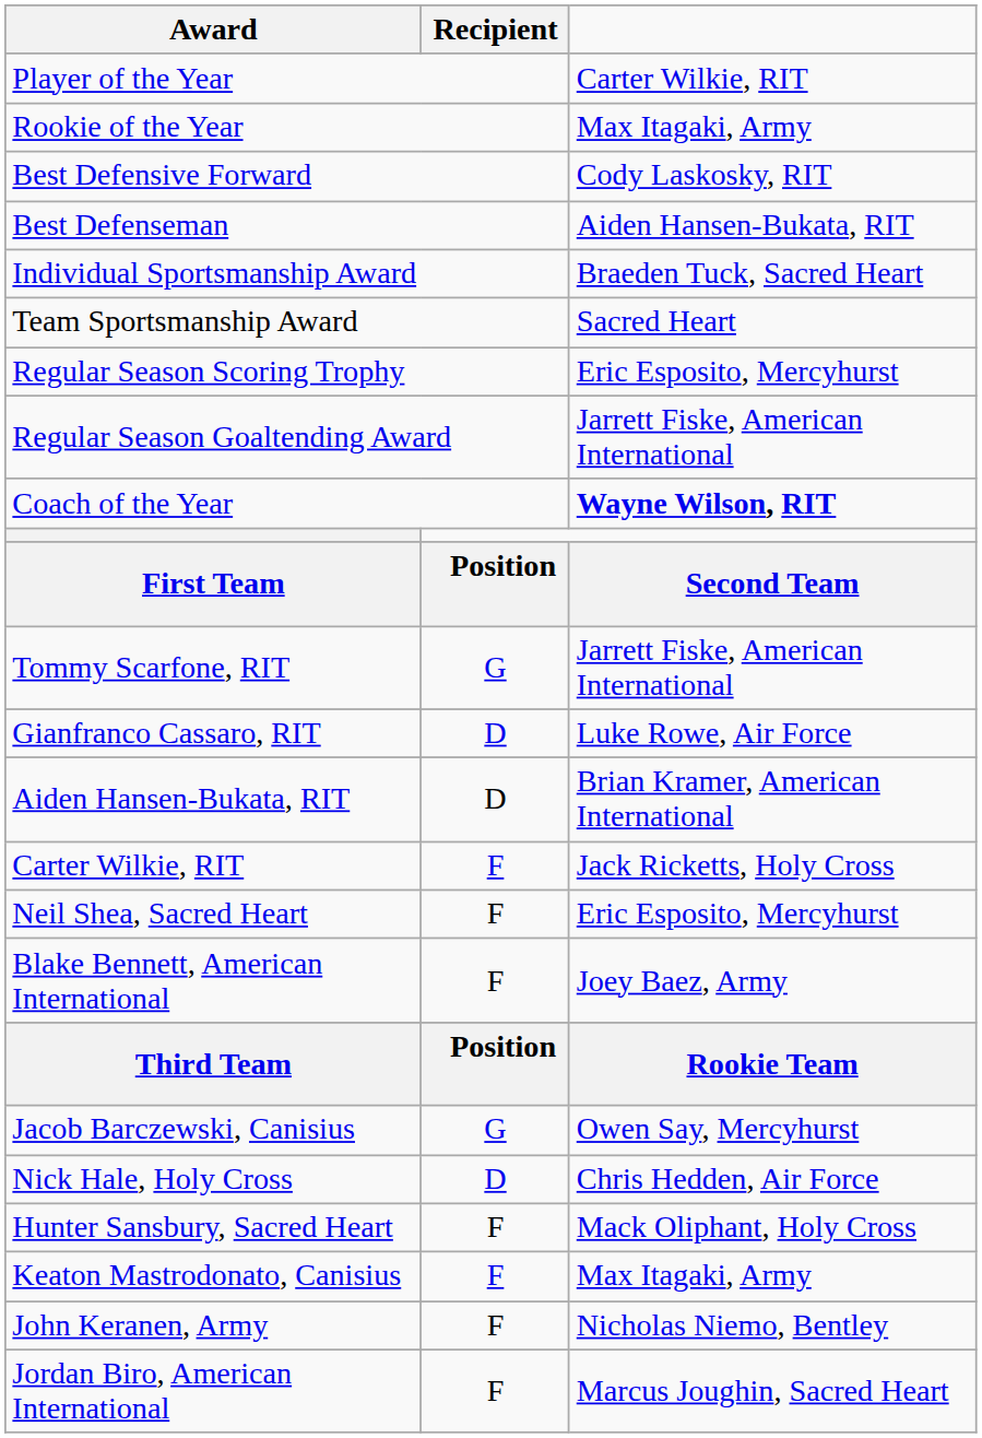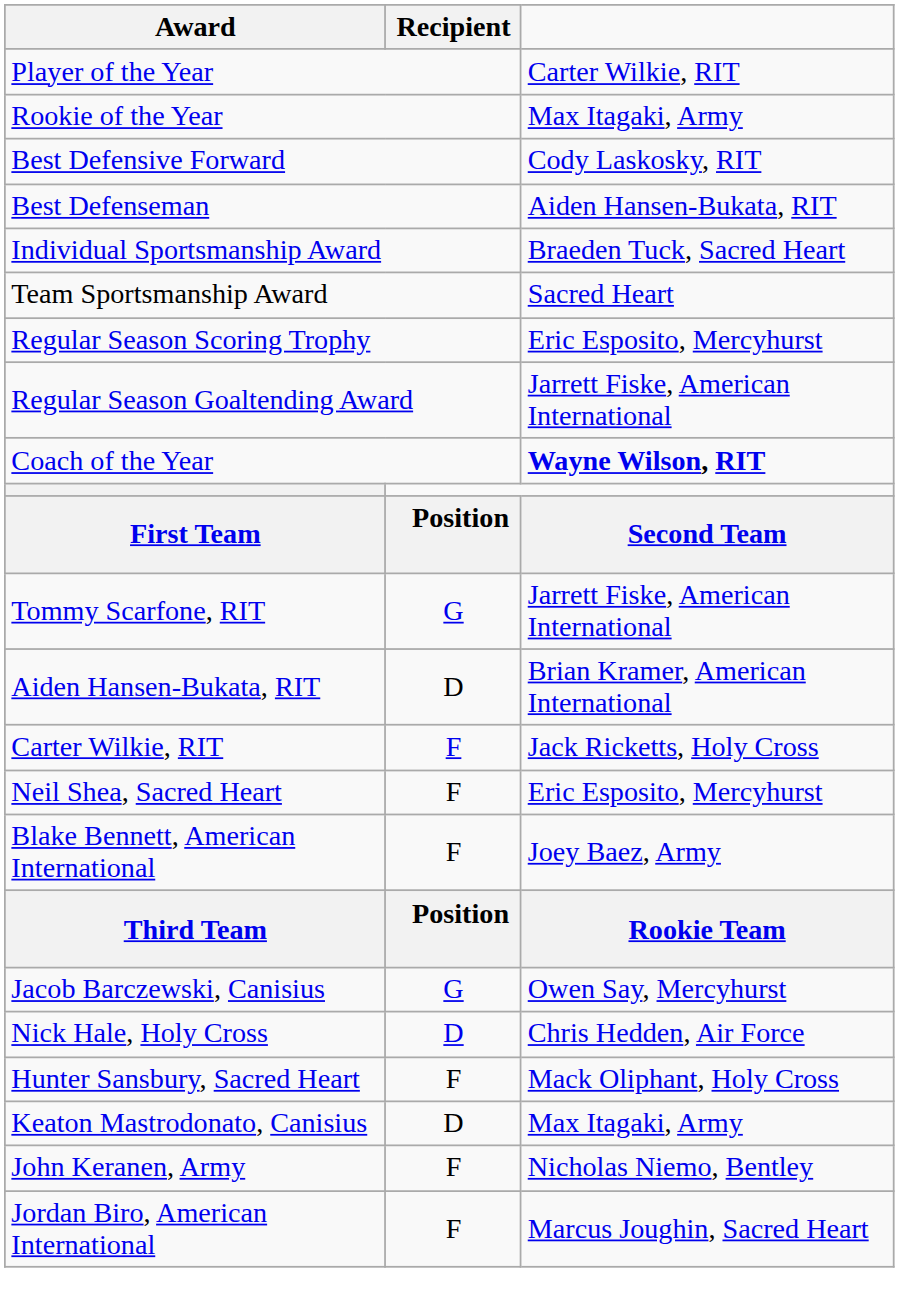 <table class="wikitable" width=40%>
 <tr>
 <th>Award</th>
 <th>Recipient</th>
 </tr>
 <tr>
 <td colspan=2><a href='#'>Player of the Year</a></td>
 <td><a href='#'>Carter Wilkie</a>, <a href='#'>RIT</a></td>
 </tr>
 <tr>
 <td colspan=2><a href='#'>Rookie of the Year</a></td>
 <td><a href='#'>Max Itagaki</a>, <a href='#'>Army</a></td>
 </tr>
 <tr>
 <td colspan=2><a href='#'>Best Defensive Forward</a></td>
 <td><a href='#'>Cody Laskosky</a>, <a href='#'>RIT</a></td>
 </tr>
 <tr>
 <td colspan=2><a href='#'>Best Defenseman</a></td>
 <td><a href='#'>Aiden Hansen-Bukata</a>, <a href='#'>RIT</a></td>
 </tr>
 <tr>
 <td colspan=2><a href='#'>Individual Sportsmanship Award</a></td>
 <td><a href='#'>Braeden Tuck</a>, <a href='#'>Sacred Heart</a></td>
 </tr>
 <tr>
 <td colspan=2>Team Sportsmanship Award</td>
 <td><a href='#'>Sacred Heart</a></td>
 </tr>
 <tr>
 <td colspan=2><a href='#'>Regular Season Scoring Trophy</a></td>
 <td><a href='#'>Eric Esposito</a>, <a href='#'>Mercyhurst</a></td>
 </tr>
 <tr>
 <td colspan=2><a href='#'>Regular Season Goaltending Award</a></td>
 <td><a href='#'>Jarrett Fiske</a>, <a href='#'>American International</a></td>
 </tr>
 <tr>
 <td colspan=2><a href='#'>Coach of the Year</a></td>
 <td><strong><a href='#'>Wayne Wilson</a>, <a href='#'>RIT</a></strong></td>
 </tr>
 <tr>
 <th><a href='#'></a></th>
 </tr>
 <tr>
 <th><a href='#'>First Team</a></th>
 <th>  Position  </th>
 <th><a href='#'>Second Team</a></th>
 </tr>
 <tr>
 <td><a href='#'>Tommy Scarfone</a>, <a href='#'>RIT</a></td>
 <td align=center><a href='#'>G</a></td>
 <td><a href='#'>Jarrett Fiske</a>, <a href='#'>American International</a></td>
 </tr>
 <tr>
-<td><a href='#'>Gianfranco Cassaro</a>, <a href='#'>RIT</a></td>
-<td align=center><a href='#'>D</a></td>
-<td><a href='#'>Luke Rowe</a>, <a href='#'>Air Force</a></td>
-</tr>
-<tr>
 <td><a href='#'>Aiden Hansen-Bukata</a>, <a href='#'>RIT</a></td>
 <td align=center>D</td>
 <td><a href='#'>Brian Kramer</a>, <a href='#'>American International</a></td>
 </tr>
 <tr>
 <td><a href='#'>Carter Wilkie</a>, <a href='#'>RIT</a></td>
 <td align=center><a href='#'>F</a></td>
 <td><a href='#'>Jack Ricketts</a>, <a href='#'>Holy Cross</a></td>
 </tr>
 <tr>
 <td><a href='#'>Neil Shea</a>, <a href='#'>Sacred Heart</a></td>
 <td align=center>F</td>
 <td><a href='#'>Eric Esposito</a>, <a href='#'>Mercyhurst</a></td>
 </tr>
 <tr>
 <td><a href='#'>Blake Bennett</a>, <a href='#'>American International</a></td>
 <td align=center>F</td>
 <td><a href='#'>Joey Baez</a>, <a href='#'>Army</a></td>
 </tr>
 <tr>
 <th><a href='#'>Third Team</a></th>
 <th>  Position  </th>
 <th><a href='#'>Rookie Team</a></th>
 </tr>
 <tr>
 <td><a href='#'>Jacob Barczewski</a>, <a href='#'>Canisius</a></td>
 <td align=center><a href='#'>G</a></td>
 <td><a href='#'>Owen Say</a>, <a href='#'>Mercyhurst</a></td>
 </tr>
 <tr>
 <td><a href='#'>Nick Hale</a>, <a href='#'>Holy Cross</a></td>
 <td align=center><a href='#'>D</a></td>
 <td><a href='#'>Chris Hedden</a>, <a href='#'>Air Force</a></td>
 </tr>
 <tr>
 <td><a href='#'>Hunter Sansbury</a>, <a href='#'>Sacred Heart</a></td>
 <td align=center>F</td>
 <td><a href='#'>Mack Oliphant</a>, <a href='#'>Holy Cross</a></td>
 </tr>
 <tr>
 <td><a href='#'>Keaton Mastrodonato</a>, <a href='#'>Canisius</a></td>
-<td align=center><a href='#'>F</a></td>
+<td align=center>D</td>
 <td><a href='#'>Max Itagaki</a>, <a href='#'>Army</a></td>
 </tr>
 <tr>
 <td><a href='#'>John Keranen</a>, <a href='#'>Army</a></td>
 <td align=center>F</td>
 <td><a href='#'>Nicholas Niemo</a>, <a href='#'>Bentley</a></td>
 </tr>
 <tr>
 <td><a href='#'>Jordan Biro</a>, <a href='#'>American International</a></td>
 <td align=center>F</td>
 <td><a href='#'>Marcus Joughin</a>, <a href='#'>Sacred Heart</a></td>
 </tr>
 </table>
